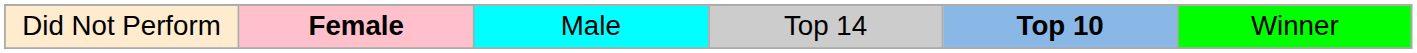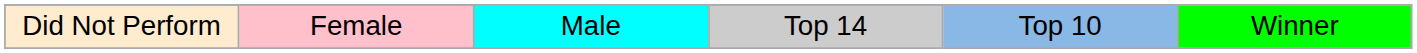 <table class="wikitable" style="margin:1em auto; text-align:center;">
 <tr>
 </tr>
 <tr>
 <td style="background:#FFEBCD;" width="15%">Did Not Perform</td>
-<td style="background:pink;" width="15%"><strong>Female</strong></td>
+<td style="background:pink;" width="15%">Female</td>
 <td style="background:cyan;" width="15%">Male</td>
 <td style="background:#CCCCCC;" width="15%">Top 14</td>
-<td style="background:#8AB8E6;" width="15%"><strong>Top 10</strong></td>
+<td style="background:#8AB8E6;" width="15%">Top 10</td>
 <td style="background:lime;" width="15%">Winner</td>
 </tr>
 </table>
